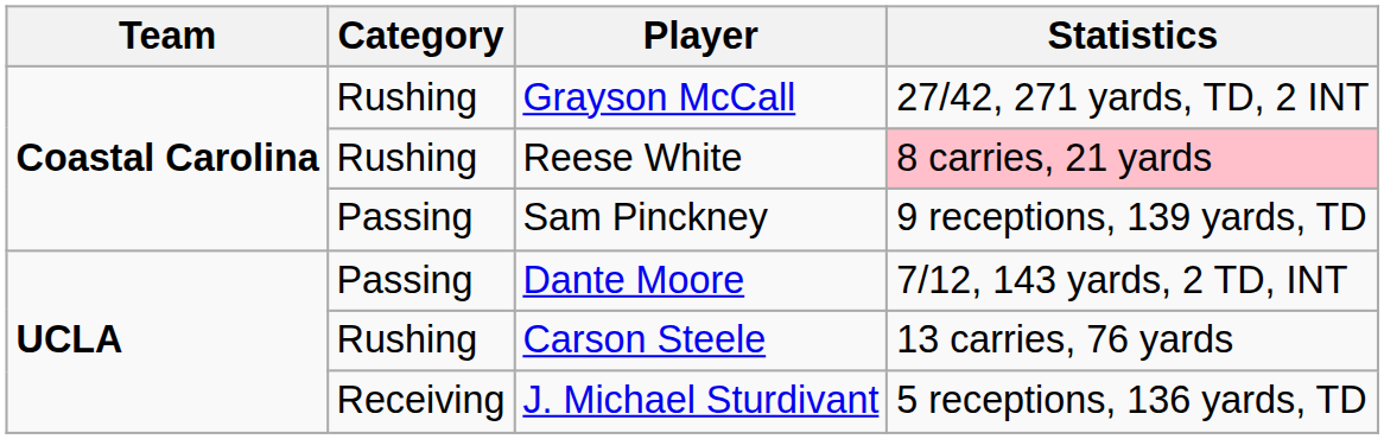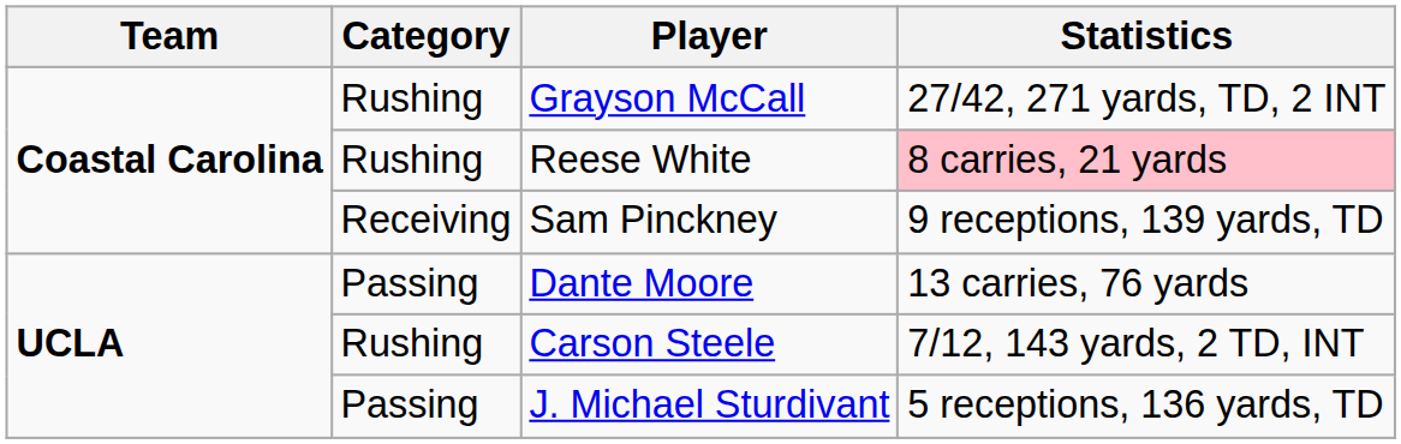 <table class="wikitable" style="float: right;">
 <tr>
 <th>Team</th>
 <th>Category</th>
 <th>Player</th>
 <th>Statistics</th>
 </tr>
 <tr>
 <td rowspan=3><strong>Coastal Carolina</strong></td>
 <td>Rushing</td>
 <td><a href='#'>Grayson McCall</a></td>
 <td>27/42, 271 yards, TD, 2 INT</td>
 </tr>
 <tr>
 <td>Rushing</td>
 <td>Reese White</td>
 <td style="background: pink;">8 carries, 21 yards</td>
 </tr>
 <tr>
-<td>Passing</td>
+<td>Receiving</td>
 <td>Sam Pinckney</td>
 <td>9 receptions, 139 yards, TD</td>
 </tr>
 <tr>
 <td rowspan=3><strong>UCLA</strong></td>
 <td>Passing</td>
 <td><a href='#'>Dante Moore</a></td>
-<td>7/12, 143 yards, 2 TD, INT</td>
+<td>13 carries, 76 yards</td>
 </tr>
 <tr>
 <td>Rushing</td>
 <td><a href='#'>Carson Steele</a></td>
-<td>13 carries, 76 yards</td>
+<td>7/12, 143 yards, 2 TD, INT</td>
 </tr>
 <tr>
-<td>Receiving</td>
+<td>Passing</td>
 <td><a href='#'>J. Michael Sturdivant</a></td>
 <td>5 receptions, 136 yards, TD</td>
 </tr>
 </table>
